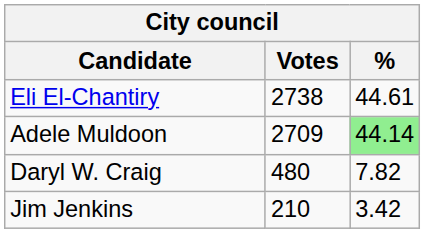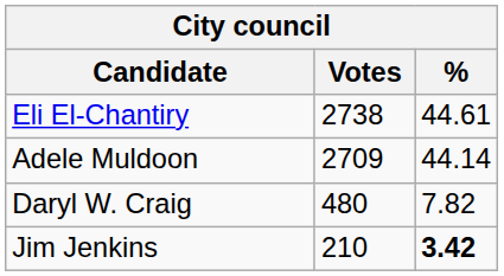 <table class="wikitable">
 <tr>
 <th colspan="3">City council</th>
 </tr>
 <tr>
 <th style="width: 170px">Candidate</th>
 <th style="width: 50px">Votes</th>
 <th style="width: 40px">%</th>
 </tr>
 <tr>
 <td><a href='#'>Eli El-Chantiry</a></td>
 <td>2738</td>
 <td>44.61</td>
 </tr>
 <tr>
 <td>Adele Muldoon</td>
 <td>2709</td>
-<td style="background: lightgreen;">44.14</td>
+<td>44.14</td>
 </tr>
 <tr>
 <td>Daryl W. Craig</td>
 <td>480</td>
 <td>7.82</td>
 </tr>
 <tr>
 <td>Jim Jenkins</td>
 <td>210</td>
-<td>3.42</td>
+<td><strong>3.42</strong></td>
 </tr>
 </table>
